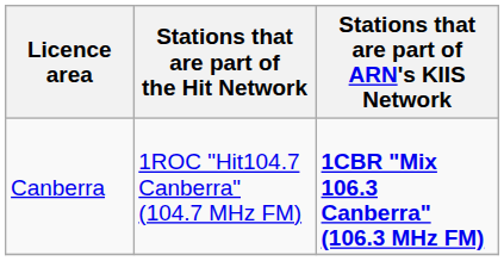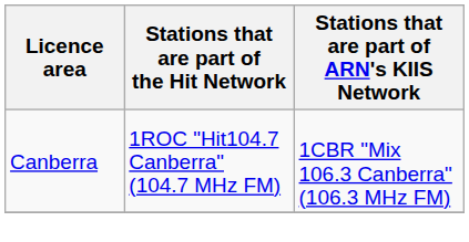 <table class="wikitable sortable" style="font-size:89%; width:50%">
 <tr bgcolor=lightgrey>
 <th width="20%">Licence area</th>
 <th width="30%">Stations that are part of<br>the Hit Network</th>
 <th width="30%">Stations that are part of<br><a href='#'>ARN</a>'s KIIS Network</th>
 </tr>
 <tr>
 <td><a href='#'>Canberra</a></td>
 <td><a href='#'>1ROC "Hit104.7 Canberra" (104.7 MHz FM)</a></td>
-<td><strong><br><a href='#'>1CBR "Mix 106.3 Canberra" (106.3 MHz FM)</a></strong></td>
+<td><br><a href='#'>1CBR "Mix 106.3 Canberra" (106.3 MHz FM)</a></td>
 </tr>
 <tr>
 </tr>
 </table>
